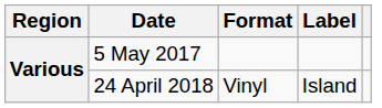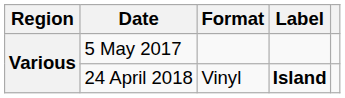 <table class="wikitable plainrowheaders">
 <tr>
 <th scope="col">Region</th>
 <th scope="col">Date</th>
 <th scope="col">Format</th>
 <th scope="col">Label</th>
 <th scope="col"></th>
 </tr>
 <tr>
 <th scope="row" rowspan="2">Various</th>
 <td>5 May 2017</td>
 <td></td>
 <td></td>
 <td align="center"></td>
 </tr>
 <tr>
 <td>24 April 2018</td>
 <td>Vinyl</td>
-<td>Island</td>
+<td><strong>Island</strong></td>
 <td align="center"></td>
 </tr>
 </table>
